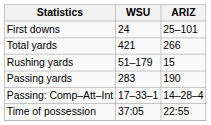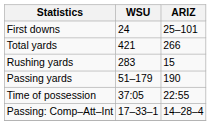 <table class="wikitable" style="float: left;">
 <tr>
 <th>Statistics</th>
 <th>WSU</th>
 <th>ARIZ</th>
 </tr>
 <tr>
 <td>First downs</td>
 <td>24</td>
 <td>25–101</td>
 </tr>
 <tr>
 <td>Total yards</td>
 <td>421</td>
 <td>266</td>
 </tr>
 <tr>
 <td>Rushing yards</td>
-<td>51–179</td>
+<td>283</td>
 <td>15</td>
 </tr>
 <tr>
 <td>Passing yards</td>
-<td>283</td>
+<td>51–179</td>
 <td>190</td>
+</tr>
+<tr>
+<td>Time of possession</td>
+<td>37:05</td>
+<td>22:55</td>
 </tr>
 <tr>
 <td>Passing: Comp–Att–Int</td>
 <td>17–33–1</td>
 <td>14–28–4</td>
 </tr>
 <tr>
-<td>Time of possession</td>
-<td>37:05</td>
-<td>22:55</td>
-</tr>
-<tr>
 </tr>
 </table>
